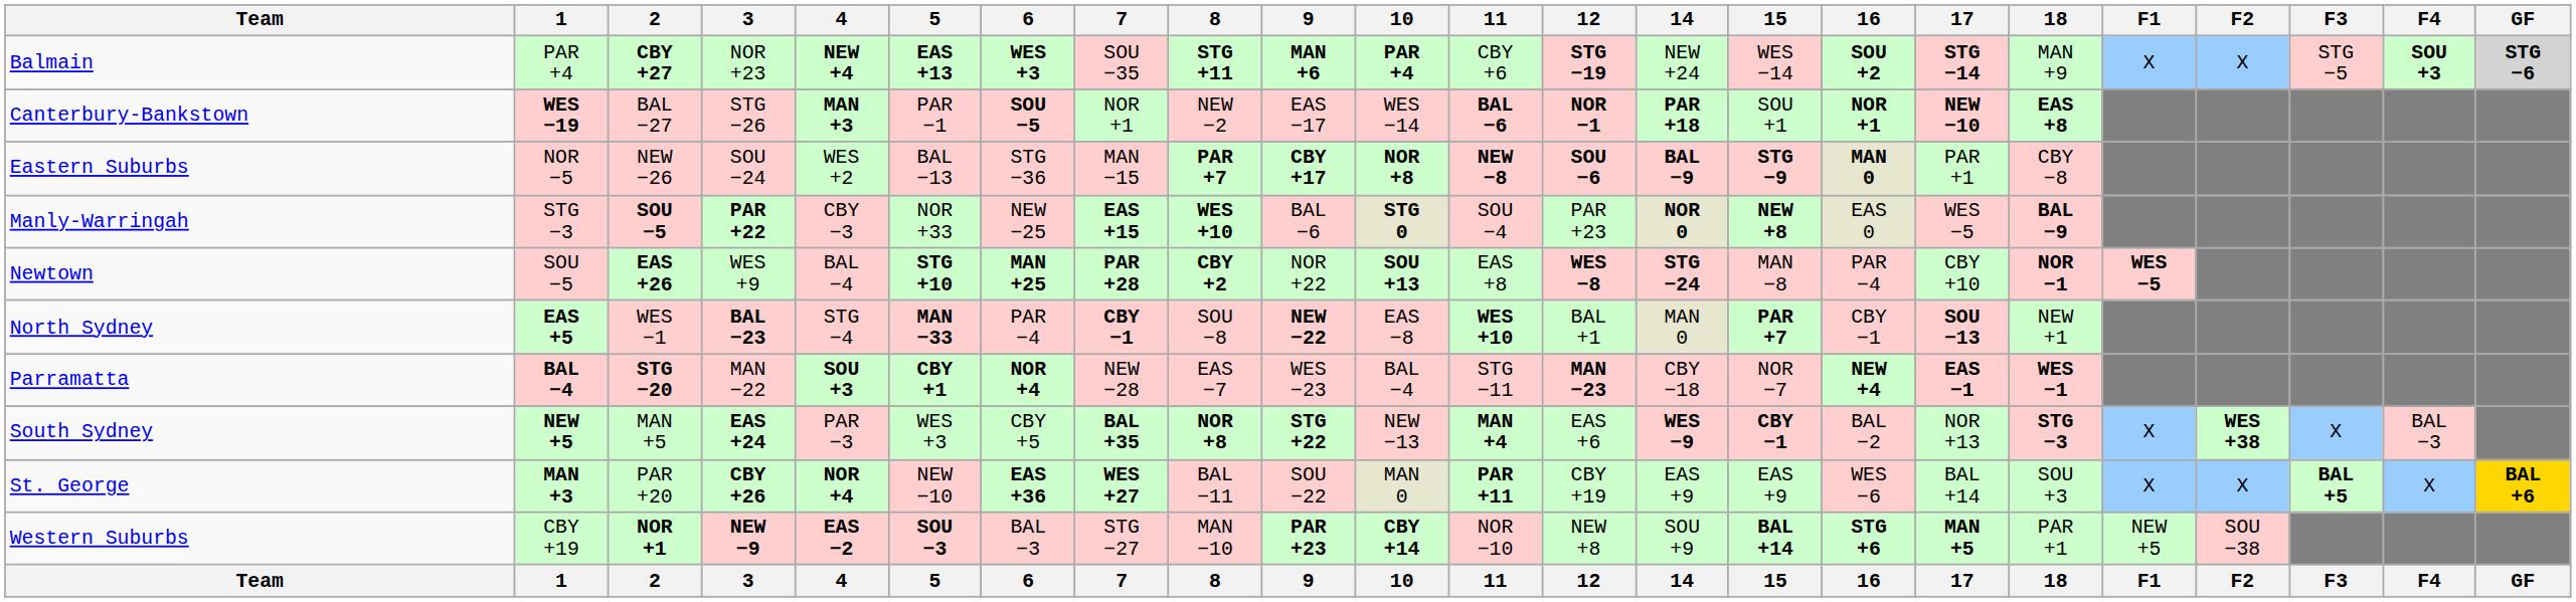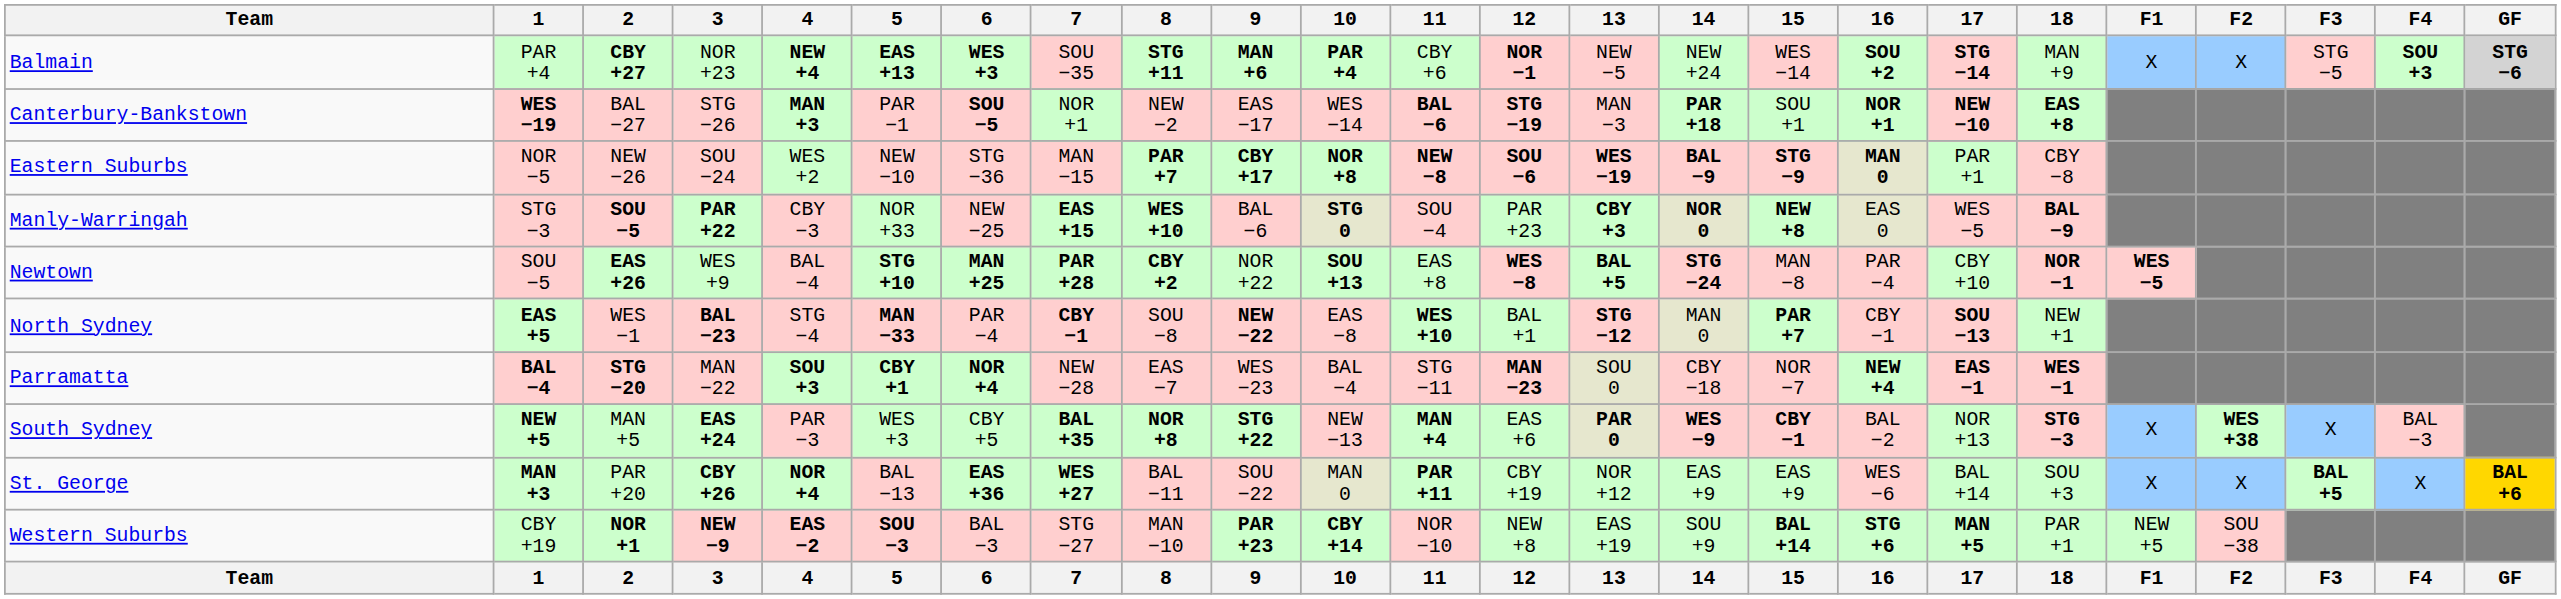 <table class="wikitable sortable" style="font-size:85%; text-align:center; width:90%">
 <tr valign="top">
 <th valign="middle">Team</th>
 <th>1</th>
 <th>2</th>
 <th>3</th>
 <th>4</th>
 <th>5</th>
 <th>6</th>
 <th>7</th>
 <th>8</th>
 <th>9</th>
 <th>10</th>
 <th>11</th>
 <th>12</th>
+<th>13</th>
 <th>14</th>
 <th>15</th>
 <th>16</th>
 <th>17</th>
 <th>18</th>
 <th>F1</th>
 <th>F2</th>
 <th>F3</th>
 <th>F4</th>
 <th>GF</th>
 </tr>
 <tr>
 <td align="left"><a href='#'>Balmain</a></td>
 <td style="background:#cfc;">PAR<br>+4</td>
 <td style="background:#cfc;"><strong>CBY<br>+27</strong></td>
 <td style="background:#cfc;">NOR<br>+23</td>
 <td style="background:#cfc;"><strong>NEW<br>+4</strong></td>
 <td style="background:#cfc;"><strong>EAS<br>+13</strong></td>
 <td style="background:#cfc;"><strong>WES<br>+3</strong></td>
 <td style="background:#FFCFCF;">SOU<br>−35</td>
 <td style="background:#cfc;"><strong>STG<br>+11</strong></td>
 <td style="background:#cfc;"><strong>MAN<br>+6</strong></td>
 <td style="background:#cfc;"><strong>PAR<br>+4</strong></td>
 <td style="background:#cfc;">CBY<br>+6</td>
-<td style="background:#FFCFCF;"><strong>STG<br>−19</strong></td>
+<td style="background:#FFCFCF;"><strong>NOR<br>−1</strong></td>
+<td style="background:#FFCFCF;">NEW<br>−5</td>
 <td style="background:#cfc;">NEW<br>+24</td>
 <td style="background:#FFCFCF;">WES<br>−14</td>
 <td style="background:#cfc;"><strong>SOU<br>+2</strong></td>
 <td style="background:#FFCFCF;"><strong>STG<br>−14</strong></td>
 <td style="background:#cfc;">MAN<br>+9</td>
 <td style="background:#99ccff;">X</td>
 <td style="background:#99ccff;">X</td>
 <td style="background:#FFCFCF;">STG<br>−5</td>
 <td style="background:#cfc;"><strong>SOU<br>+3</strong></td>
 <td style="background:#D3D3D3;"><strong>STG<br>−6</strong></td>
 </tr>
 <tr>
 <td align="left"><a href='#'>Canterbury-Bankstown</a></td>
 <td style="background:#FFCFCF;"><strong>WES<br>−19</strong></td>
 <td style="background:#FFCFCF;">BAL<br>−27</td>
 <td style="background:#FFCFCF;">STG<br>−26</td>
 <td style="background:#cfc;"><strong>MAN<br>+3</strong></td>
 <td style="background:#FFCFCF;">PAR<br>−1</td>
 <td style="background:#FFCFCF;"><strong>SOU<br>−5</strong></td>
 <td style="background:#cfc;">NOR<br>+1</td>
 <td style="background:#FFCFCF;">NEW<br>−2</td>
 <td style="background:#FFCFCF;">EAS<br>−17</td>
 <td style="background:#FFCFCF;">WES<br>−14</td>
 <td style="background:#FFCFCF;"><strong>BAL<br>−6</strong></td>
-<td style="background:#FFCFCF;"><strong>NOR<br>−1</strong></td>
+<td style="background:#FFCFCF;"><strong>STG<br>−19</strong></td>
+<td style="background:#FFCFCF;">MAN<br>−3</td>
 <td style="background:#cfc;"><strong>PAR<br>+18</strong></td>
 <td style="background:#cfc;">SOU<br>+1</td>
 <td style="background:#cfc;"><strong>NOR<br>+1</strong></td>
 <td style="background:#FFCFCF;"><strong>NEW<br>−10</strong></td>
 <td style="background:#cfc;"><strong>EAS<br>+8</strong></td>
 <td style="background:#808080;"></td>
 <td style="background:#808080;"></td>
 <td style="background:#808080;"></td>
 <td style="background:#808080;"></td>
 <td style="background:#808080;"></td>
 </tr>
 <tr>
 <td align="left"><a href='#'>Eastern Suburbs</a></td>
 <td style="background:#FFCFCF;">NOR<br>−5</td>
 <td style="background:#FFCFCF;">NEW<br>−26</td>
 <td style="background:#FFCFCF;">SOU<br>−24</td>
 <td style="background:#cfc;">WES<br>+2</td>
-<td style="background:#FFCFCF;">BAL<br>−13</td>
+<td style="background:#FFCFCF;">NEW<br>−10</td>
 <td style="background:#FFCFCF;">STG<br>−36</td>
 <td style="background:#FFCFCF;">MAN<br>−15</td>
 <td style="background:#cfc;"><strong>PAR<br>+7</strong></td>
 <td style="background:#cfc;"><strong>CBY<br>+17</strong></td>
 <td style="background:#cfc;"><strong>NOR<br>+8</strong></td>
 <td style="background:#FFCFCF;"><strong>NEW<br>−8</strong></td>
 <td style="background:#FFCFCF;"><strong>SOU<br>−6</strong></td>
+<td style="background:#FFCFCF;"><strong>WES<br>−19</strong></td>
 <td style="background:#FFCFCF;"><strong>BAL<br>−9</strong></td>
 <td style="background:#FFCFCF;"><strong>STG<br>−9</strong></td>
 <td style="background:#E6E7CE"><strong>MAN<br>0</strong></td>
 <td style="background:#cfc;">PAR<br>+1</td>
 <td style="background:#FFCFCF;">CBY<br>−8</td>
 <td style="background:#808080;"></td>
 <td style="background:#808080;"></td>
 <td style="background:#808080;"></td>
 <td style="background:#808080;"></td>
 <td style="background:#808080;"></td>
 </tr>
 <tr>
 <td align="left"><a href='#'>Manly-Warringah</a></td>
 <td style="background:#FFCFCF;">STG<br>−3</td>
 <td style="background:#FFCFCF;"><strong>SOU<br>−5</strong></td>
 <td style="background:#cfc;"><strong>PAR<br>+22</strong></td>
 <td style="background:#FFCFCF;">CBY<br>−3</td>
 <td style="background:#cfc;">NOR<br>+33</td>
 <td style="background:#FFCFCF;">NEW<br>−25</td>
 <td style="background:#cfc;"><strong>EAS<br>+15</strong></td>
 <td style="background:#cfc;"><strong>WES<br>+10</strong></td>
 <td style="background:#FFCFCF;">BAL<br>−6</td>
 <td style="background:#E6E7CE"><strong>STG<br>0</strong></td>
 <td style="background:#FFCFCF;">SOU<br>−4</td>
 <td style="background:#cfc;">PAR<br>+23</td>
+<td style="background:#cfc;"><strong>CBY<br>+3</strong></td>
 <td style="background:#E6E7CE"><strong>NOR<br>0</strong></td>
 <td style="background:#cfc;"><strong>NEW<br>+8</strong></td>
 <td style="background:#E6E7CE">EAS<br>0</td>
 <td style="background:#FFCFCF;">WES<br>−5</td>
 <td style="background:#FFCFCF;"><strong>BAL<br>−9</strong></td>
 <td style="background:#808080;"></td>
 <td style="background:#808080;"></td>
 <td style="background:#808080;"></td>
 <td style="background:#808080;"></td>
 <td style="background:#808080;"></td>
 </tr>
 <tr>
 <td align="left"><a href='#'>Newtown</a></td>
 <td style="background:#FFCFCF;">SOU<br>−5</td>
 <td style="background:#cfc;"><strong>EAS<br>+26</strong></td>
 <td style="background:#cfc;">WES<br>+9</td>
 <td style="background:#FFCFCF;">BAL<br>−4</td>
 <td style="background:#cfc;"><strong>STG<br>+10</strong></td>
 <td style="background:#cfc;"><strong>MAN<br>+25</strong></td>
 <td style="background:#cfc;"><strong>PAR<br>+28</strong></td>
 <td style="background:#cfc;"><strong>CBY<br>+2</strong></td>
 <td style="background:#cfc;">NOR<br>+22</td>
 <td style="background:#cfc;"><strong>SOU<br>+13</strong></td>
 <td style="background:#cfc;">EAS<br>+8</td>
 <td style="background:#FFCFCF;"><strong>WES<br>−8</strong></td>
+<td style="background:#cfc;"><strong>BAL<br>+5</strong></td>
 <td style="background:#FFCFCF;"><strong>STG<br>−24</strong></td>
 <td style="background:#FFCFCF;">MAN<br>−8</td>
 <td style="background:#FFCFCF;">PAR<br>−4</td>
 <td style="background:#cfc;">CBY<br>+10</td>
 <td style="background:#FFCFCF;"><strong>NOR<br>−1</strong></td>
 <td style="background:#FFCFCF;"><strong>WES<br>−5</strong></td>
 <td style="background:#808080;"></td>
 <td style="background:#808080;"></td>
 <td style="background:#808080;"></td>
 <td style="background:#808080;"></td>
 </tr>
 <tr>
 <td align="left"><a href='#'>North Sydney</a></td>
 <td style="background:#cfc;"><strong>EAS<br>+5</strong></td>
 <td style="background:#FFCFCF;">WES<br>−1</td>
 <td style="background:#FFCFCF;"><strong>BAL<br>−23</strong></td>
 <td style="background:#FFCFCF;">STG<br>−4</td>
 <td style="background:#FFCFCF;"><strong>MAN<br>−33</strong></td>
 <td style="background:#FFCFCF;">PAR<br>−4</td>
 <td style="background:#FFCFCF;"><strong>CBY<br>−1</strong></td>
 <td style="background:#FFCFCF;">SOU<br>−8</td>
 <td style="background:#FFCFCF;"><strong>NEW<br>−22</strong></td>
 <td style="background:#FFCFCF;">EAS<br>−8</td>
 <td style="background:#cfc;"><strong>WES<br>+10</strong></td>
 <td style="background:#cfc;">BAL<br>+1</td>
+<td style="background:#FFCFCF;"><strong>STG<br>−12</strong></td>
 <td style="background:#E6E7CE">MAN<br>0</td>
 <td style="background:#cfc;"><strong>PAR<br>+7</strong></td>
 <td style="background:#FFCFCF;">CBY<br>−1</td>
 <td style="background:#FFCFCF;"><strong>SOU<br>−13</strong></td>
 <td style="background:#cfc;">NEW<br>+1</td>
 <td style="background:#808080;"></td>
 <td style="background:#808080;"></td>
 <td style="background:#808080;"></td>
 <td style="background:#808080;"></td>
 <td style="background:#808080;"></td>
 </tr>
 <tr>
 <td align="left"><a href='#'>Parramatta</a></td>
 <td style="background:#FFCFCF;"><strong>BAL<br>−4</strong></td>
 <td style="background:#FFCFCF;"><strong>STG<br>−20</strong></td>
 <td style="background:#FFCFCF;">MAN<br>−22</td>
 <td style="background:#cfc;"><strong>SOU<br>+3</strong></td>
 <td style="background:#cfc;"><strong>CBY<br>+1</strong></td>
 <td style="background:#cfc;"><strong>NOR<br>+4</strong></td>
 <td style="background:#FFCFCF;">NEW<br>−28</td>
 <td style="background:#FFCFCF;">EAS<br>−7</td>
 <td style="background:#FFCFCF;">WES<br>−23</td>
 <td style="background:#FFCFCF;">BAL<br>−4</td>
 <td style="background:#FFCFCF;">STG<br>−11</td>
 <td style="background:#FFCFCF;"><strong>MAN<br>−23</strong></td>
+<td style="background:#E6E7CE">SOU<br>0</td>
 <td style="background:#FFCFCF;">CBY<br>−18</td>
 <td style="background:#FFCFCF;">NOR<br>−7</td>
 <td style="background:#cfc;"><strong>NEW<br>+4</strong></td>
 <td style="background:#FFCFCF;"><strong>EAS<br>−1</strong></td>
 <td style="background:#FFCFCF;"><strong>WES<br>−1</strong></td>
 <td style="background:#808080;"></td>
 <td style="background:#808080;"></td>
 <td style="background:#808080;"></td>
 <td style="background:#808080;"></td>
 <td style="background:#808080;"></td>
 </tr>
 <tr>
 <td align="left"><a href='#'>South Sydney</a></td>
 <td style="background:#cfc;"><strong>NEW<br>+5</strong></td>
 <td style="background:#cfc;">MAN<br>+5</td>
 <td style="background:#cfc;"><strong>EAS<br>+24</strong></td>
 <td style="background:#FFCFCF;">PAR<br>−3</td>
 <td style="background:#cfc;">WES<br>+3</td>
 <td style="background:#cfc;">CBY<br>+5</td>
 <td style="background:#cfc;"><strong>BAL<br>+35</strong></td>
 <td style="background:#cfc;"><strong>NOR<br>+8</strong></td>
 <td style="background:#cfc;"><strong>STG<br>+22</strong></td>
 <td style="background:#FFCFCF;">NEW<br>−13</td>
 <td style="background:#cfc;"><strong>MAN<br>+4</strong></td>
 <td style="background:#cfc;">EAS<br>+6</td>
+<td style="background:#E6E7CE"><strong>PAR<br>0</strong></td>
 <td style="background:#FFCFCF;"><strong>WES<br>−9</strong></td>
 <td style="background:#FFCFCF;"><strong>CBY<br>−1</strong></td>
 <td style="background:#FFCFCF;">BAL<br>−2</td>
 <td style="background:#cfc;">NOR<br>+13</td>
 <td style="background:#FFCFCF;"><strong>STG<br>−3</strong></td>
 <td style="background:#99ccff;">X</td>
 <td style="background:#cfc;"><strong>WES<br>+38</strong></td>
 <td style="background:#99ccff;">X</td>
 <td style="background:#FFCFCF;">BAL<br>−3</td>
 <td style="background:#808080;"></td>
 </tr>
 <tr>
 <td align="left"><a href='#'>St. George</a></td>
 <td style="background:#cfc;"><strong>MAN<br>+3</strong></td>
 <td style="background:#cfc;">PAR<br>+20</td>
 <td style="background:#cfc;"><strong>CBY<br>+26</strong></td>
 <td style="background:#cfc;"><strong>NOR<br>+4</strong></td>
-<td style="background:#FFCFCF;">NEW<br>−10</td>
+<td style="background:#FFCFCF;">BAL<br>−13</td>
 <td style="background:#cfc;"><strong>EAS<br>+36</strong></td>
 <td style="background:#cfc;"><strong>WES<br>+27</strong></td>
 <td style="background:#FFCFCF;">BAL<br>−11</td>
 <td style="background:#FFCFCF;">SOU<br>−22</td>
 <td style="background:#E6E7CE">MAN<br>0</td>
 <td style="background:#cfc;"><strong>PAR<br>+11</strong></td>
 <td style="background:#cfc;">CBY<br>+19</td>
+<td style="background:#cfc;">NOR<br>+12</td>
 <td style="background:#cfc;">EAS<br>+9</td>
 <td style="background:#cfc;">EAS<br>+9</td>
 <td style="background:#FFCFCF;">WES<br>−6</td>
 <td style="background:#cfc;">BAL<br>+14</td>
 <td style="background:#cfc;">SOU<br>+3</td>
 <td style="background:#99ccff;">X</td>
 <td style="background:#99ccff;">X</td>
 <td style="background:#cfc;"><strong>BAL<br>+5</strong></td>
 <td style="background:#99ccff;">X</td>
 <td style="background:#FFD700;"><strong>BAL<br>+6</strong></td>
 </tr>
 <tr>
 <td align="left"><a href='#'>Western Suburbs</a></td>
 <td style="background:#cfc;">CBY<br>+19</td>
 <td style="background:#cfc;"><strong>NOR<br>+1</strong></td>
 <td style="background:#FFCFCF;"><strong>NEW<br>−9</strong></td>
 <td style="background:#FFCFCF;"><strong>EAS<br>−2</strong></td>
 <td style="background:#FFCFCF;"><strong>SOU<br>−3</strong></td>
 <td style="background:#FFCFCF;">BAL<br>−3</td>
 <td style="background:#FFCFCF;">STG<br>−27</td>
 <td style="background:#FFCFCF;">MAN<br>−10</td>
 <td style="background:#cfc;"><strong>PAR<br>+23</strong></td>
 <td style="background:#cfc;"><strong>CBY<br>+14</strong></td>
 <td style="background:#FFCFCF;">NOR<br>−10</td>
 <td style="background:#cfc;">NEW<br>+8</td>
+<td style="background:#cfc;">EAS<br>+19</td>
 <td style="background:#cfc;">SOU<br>+9</td>
 <td style="background:#cfc;"><strong>BAL<br>+14</strong></td>
 <td style="background:#cfc;"><strong>STG<br>+6</strong></td>
 <td style="background:#cfc;"><strong>MAN<br>+5</strong></td>
 <td style="background:#cfc;">PAR<br>+1</td>
 <td style="background:#cfc;">NEW<br>+5</td>
 <td style="background:#FFCFCF;">SOU<br>−38</td>
 <td style="background:#808080;"></td>
 <td style="background:#808080;"></td>
 <td style="background:#808080;"></td>
 </tr>
 <tr valign="top">
 <th valign="middle">Team</th>
 <th>1</th>
 <th>2</th>
 <th>3</th>
 <th>4</th>
 <th>5</th>
 <th>6</th>
 <th>7</th>
 <th>8</th>
 <th>9</th>
 <th>10</th>
 <th>11</th>
 <th>12</th>
+<th>13</th>
 <th>14</th>
 <th>15</th>
 <th>16</th>
 <th>17</th>
 <th>18</th>
 <th>F1</th>
 <th>F2</th>
 <th>F3</th>
 <th>F4</th>
 <th>GF</th>
 </tr>
 </table>
